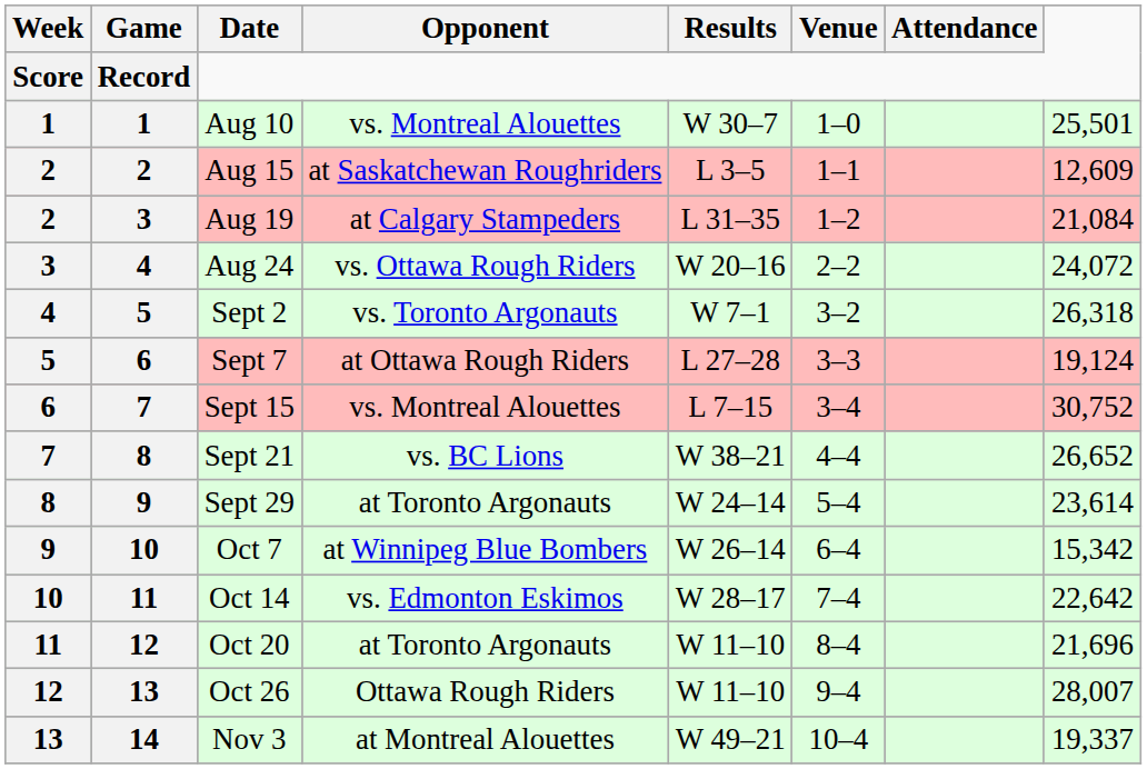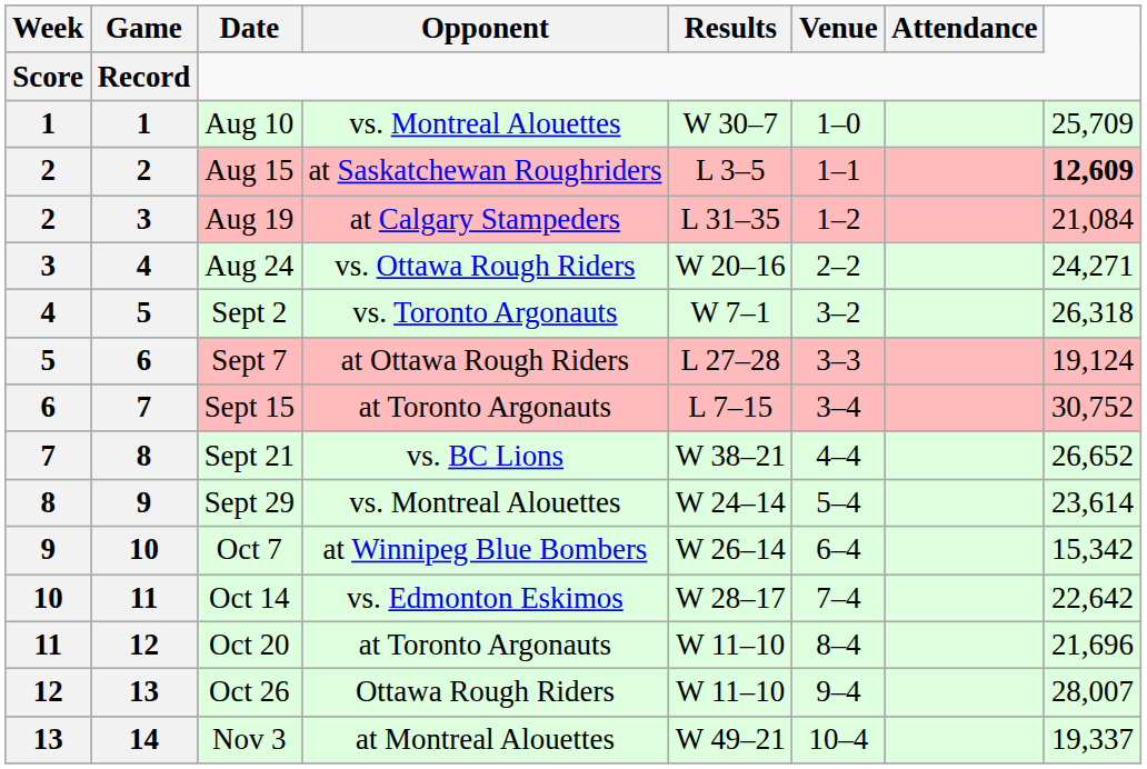 <table class="wikitable" style="text-align:center">
 <tr>
 <th>Week</th>
 <th>Game</th>
 <th>Date</th>
 <th>Opponent</th>
 <th>Results</th>
 <th>Venue</th>
 <th>Attendance</th>
 </tr>
 <tr>
 <th>Score</th>
 <th>Record</th>
 </tr>
 <tr style="background:#ddffdd">
 <th>1</th>
 <th>1</th>
 <td>Aug 10</td>
 <td>vs. <a href='#'>Montreal Alouettes</a></td>
 <td>W 30–7</td>
 <td>1–0</td>
 <td></td>
-<td>25,501</td>
+<td>25,709</td>
 </tr>
 <tr style="background:#ffbbbb">
 <th>2</th>
 <th>2</th>
 <td>Aug 15</td>
 <td>at <a href='#'>Saskatchewan Roughriders</a></td>
 <td>L 3–5</td>
 <td>1–1</td>
 <td></td>
-<td>12,609</td>
+<td><strong>12,609</strong></td>
 </tr>
 <tr style="background:#ffbbbb">
 <th>2</th>
 <th>3</th>
 <td>Aug 19</td>
 <td>at <a href='#'>Calgary Stampeders</a></td>
 <td>L 31–35</td>
 <td>1–2</td>
 <td></td>
 <td>21,084</td>
 </tr>
 <tr style="background:#ddffdd">
 <th>3</th>
 <th>4</th>
 <td>Aug 24</td>
 <td>vs. <a href='#'>Ottawa Rough Riders</a></td>
 <td>W 20–16</td>
 <td>2–2</td>
 <td></td>
-<td>24,072</td>
+<td>24,271</td>
 </tr>
 <tr style="background:#ddffdd">
 <th>4</th>
 <th>5</th>
 <td>Sept 2</td>
 <td>vs. <a href='#'>Toronto Argonauts</a></td>
 <td>W 7–1</td>
 <td>3–2</td>
 <td></td>
 <td>26,318</td>
 </tr>
 <tr style="background:#ffbbbb">
 <th>5</th>
 <th>6</th>
 <td>Sept 7</td>
 <td>at Ottawa Rough Riders</td>
 <td>L 27–28</td>
 <td>3–3</td>
 <td></td>
 <td>19,124</td>
 </tr>
 <tr style="background:#ffbbbb">
 <th>6</th>
 <th>7</th>
 <td>Sept 15</td>
-<td>vs. Montreal Alouettes</td>
+<td>at Toronto Argonauts</td>
 <td>L 7–15</td>
 <td>3–4</td>
 <td></td>
 <td>30,752</td>
 </tr>
 <tr style="background:#ddffdd">
 <th>7</th>
 <th>8</th>
 <td>Sept 21</td>
 <td>vs. <a href='#'>BC Lions</a></td>
 <td>W 38–21</td>
 <td>4–4</td>
 <td></td>
 <td>26,652</td>
 </tr>
 <tr style="background:#ddffdd">
 <th>8</th>
 <th>9</th>
 <td>Sept 29</td>
-<td>at Toronto Argonauts</td>
+<td>vs. Montreal Alouettes</td>
 <td>W 24–14</td>
 <td>5–4</td>
 <td></td>
 <td>23,614</td>
 </tr>
 <tr style="background:#ddffdd">
 <th>9</th>
 <th>10</th>
 <td>Oct 7</td>
 <td>at <a href='#'>Winnipeg Blue Bombers</a></td>
 <td>W 26–14</td>
 <td>6–4</td>
 <td></td>
 <td>15,342</td>
 </tr>
 <tr style="background:#ddffdd">
 <th>10</th>
 <th>11</th>
 <td>Oct 14</td>
 <td>vs. <a href='#'>Edmonton Eskimos</a></td>
 <td>W 28–17</td>
 <td>7–4</td>
 <td></td>
 <td>22,642</td>
 </tr>
 <tr style="background:#ddffdd">
 <th>11</th>
 <th>12</th>
 <td>Oct 20</td>
 <td>at Toronto Argonauts</td>
 <td>W 11–10</td>
 <td>8–4</td>
 <td></td>
 <td>21,696</td>
 </tr>
 <tr style="background:#ddffdd">
 <th>12</th>
 <th>13</th>
 <td>Oct 26</td>
 <td>Ottawa Rough Riders</td>
 <td>W 11–10</td>
 <td>9–4</td>
 <td></td>
 <td>28,007</td>
 </tr>
 <tr style="background:#ddffdd">
 <th>13</th>
 <th>14</th>
 <td>Nov 3</td>
 <td>at Montreal Alouettes</td>
 <td>W 49–21</td>
 <td>10–4</td>
 <td></td>
 <td>19,337</td>
 </tr>
 </table>
